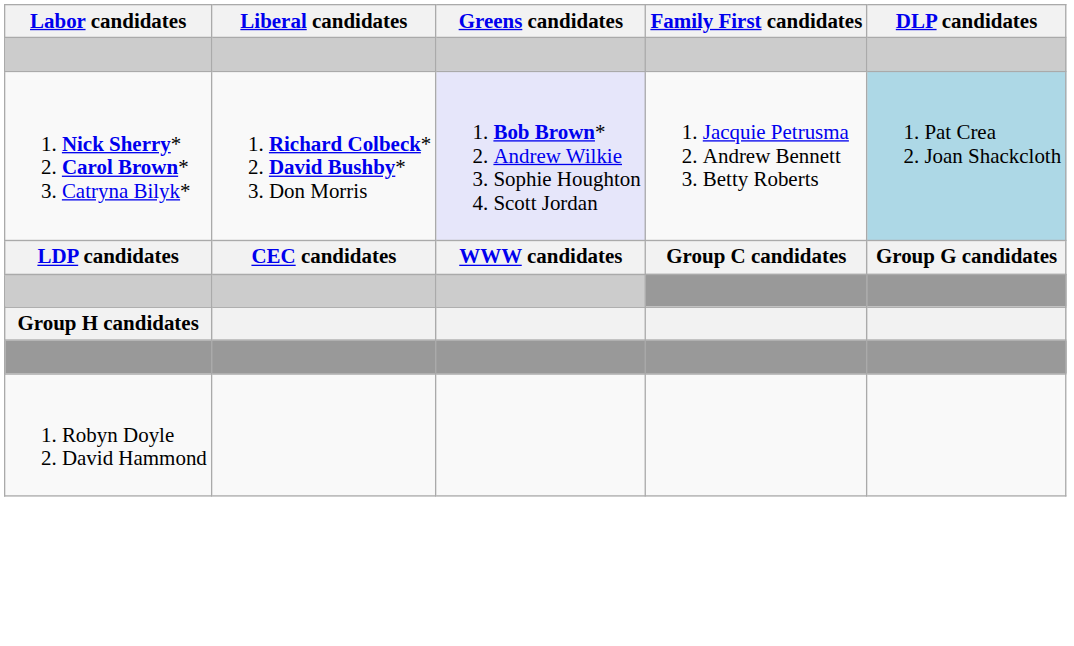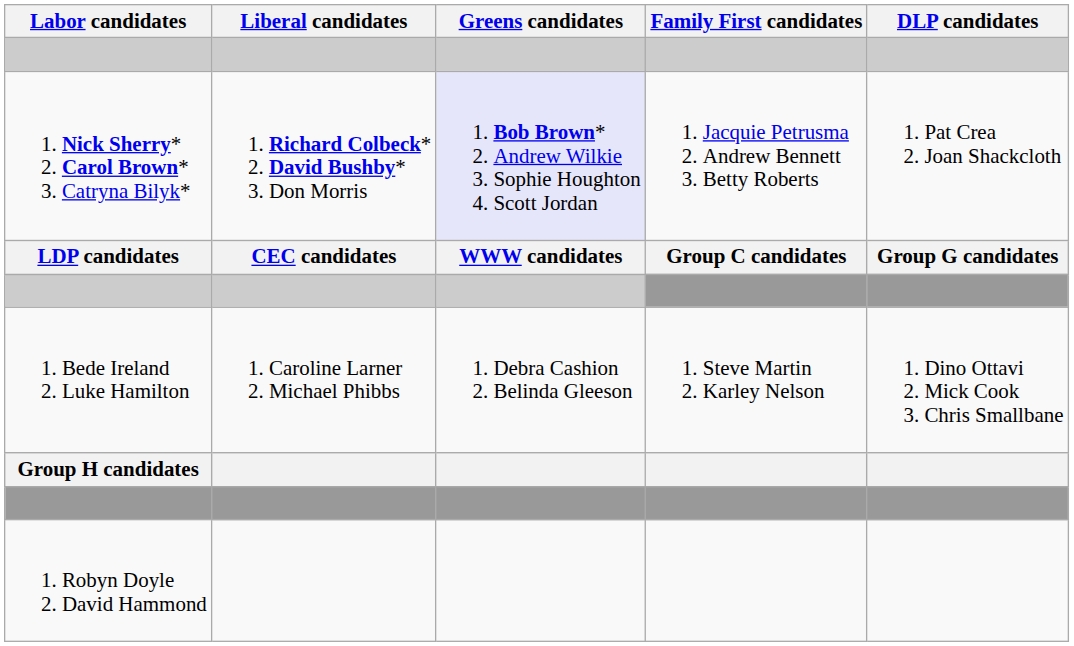 <table class="wikitable">
 <tr>
 <th><a href='#'>Labor</a> candidates</th>
 <th><a href='#'>Liberal</a> candidates</th>
 <th><a href='#'>Greens</a> candidates</th>
 <th><a href='#'>Family First</a> candidates</th>
 <th><a href='#'>DLP</a> candidates</th>
 </tr>
 <tr style="background:#ccc;">
 <td></td>
 <td></td>
 <td></td>
 <td></td>
 <td> </td>
 </tr>
 <tr>
 <td><br><ol><li><strong><a href='#'>Nick Sherry</a></strong>*</li><li><strong><a href='#'>Carol Brown</a></strong>*</li><li><a href='#'>Catryna Bilyk</a>*</li></ol></td>
 <td><br><ol><li><strong><a href='#'>Richard Colbeck</a></strong>*</li><li><strong><a href='#'>David Bushby</a></strong>*</li><li>Don Morris</li></ol></td>
 <td style="background: lavender;"><br><ol><li><strong><a href='#'>Bob Brown</a></strong>*</li><li><a href='#'>Andrew Wilkie</a></li><li>Sophie Houghton</li><li>Scott Jordan</li></ol></td>
 <td valign=top><br><ol><li><a href='#'>Jacquie Petrusma</a></li><li>Andrew Bennett</li><li>Betty Roberts</li></ol></td>
-<td valign=top style="background: lightblue;"><br><ol><li>Pat Crea</li><li>Joan Shackcloth</li></ol></td>
+<td valign=top><br><ol><li>Pat Crea</li><li>Joan Shackcloth</li></ol></td>
 </tr>
 <tr style="background:#ccc;">
 <th><a href='#'>LDP</a> candidates</th>
 <th><a href='#'>CEC</a> candidates</th>
 <th><a href='#'>WWW</a> candidates</th>
 <th>Group C candidates</th>
 <th>Group G candidates</th>
 </tr>
 <tr style="background:#ccc;">
 <td></td>
 <td></td>
 <td></td>
 <td style="background:#999;"></td>
 <td style="background:#999;"> </td>
+</tr>
+<tr>
+<td valign=top><br><ol><li>Bede Ireland</li><li>Luke Hamilton</li></ol></td>
+<td valign=top><br><ol><li>Caroline Larner</li><li>Michael Phibbs</li></ol></td>
+<td valign=top><br><ol><li>Debra Cashion</li><li>Belinda Gleeson</li></ol></td>
+<td valign=top><br><ol><li>Steve Martin</li><li>Karley Nelson</li></ol></td>
+<td valign=top><br><ol><li>Dino Ottavi</li><li>Mick Cook</li><li>Chris Smallbane</li></ol></td>
 </tr>
 <tr style="background:#ccc;">
 <th>Group H candidates</th>
 <th></th>
 <th></th>
 <th></th>
 <th></th>
 </tr>
 <tr style=" background:#999;">
 <td></td>
 <td style="background:#999;"></td>
 <td style="background:#999;"></td>
 <td style="background:#999;"></td>
 <td style="background:#999;"> </td>
 </tr>
 <tr>
 <td valign=top><br><ol><li>Robyn Doyle</li><li>David Hammond</li></ol></td>
 <td valign=top></td>
 <td valign=top></td>
 <td valign=top></td>
 <td valign=top></td>
 </tr>
 </table>
